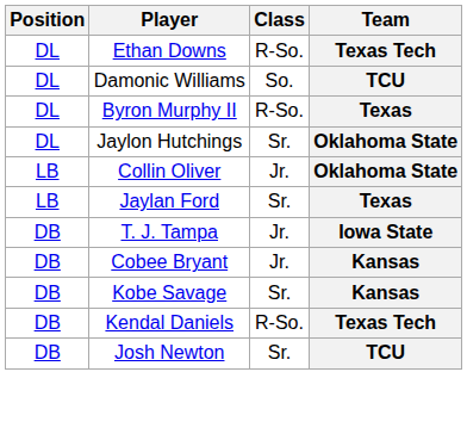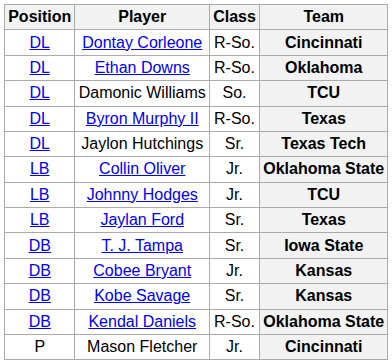 <table class="wikitable sortable" border="1">
 <tr>
 <th>Position</th>
 <th>Player</th>
 <th>Class</th>
 <th>Team</th>
 </tr>
 <tr>
 <td style="text-align:center; background:white"><a href='#'>DL</a></td>
+<td style="text-align:center; background:white"><a href='#'>Dontay Corleone</a></td>
+<td style="text-align:center; background:white">R-So.</td>
+<th>Cincinnati</th>
+</tr>
+<tr>
+<td style="text-align:center; background:white"><a href='#'>DL</a></td>
 <td style="text-align:center; background:white"><a href='#'>Ethan Downs</a></td>
 <td style="text-align:center; background:white">R-So.</td>
-<th>Texas Tech</th>
+<th>Oklahoma</th>
 </tr>
 <tr>
 <td style="text-align:center; background:white"><a href='#'>DL</a></td>
 <td style="text-align:center; background:white">Damonic Williams</td>
 <td style="text-align:center; background:white">So.</td>
 <th>TCU</th>
 </tr>
 <tr>
 <td style="text-align:center; background:white"><a href='#'>DL</a></td>
 <td style="text-align:center; background:white"><a href='#'>Byron Murphy II</a></td>
 <td style="text-align:center; background:white">R-So.</td>
 <th>Texas</th>
 </tr>
 <tr>
 <td style="text-align:center; background:white"><a href='#'>DL</a></td>
 <td style="text-align:center; background:white">Jaylon Hutchings</td>
 <td style="text-align:center; background:white">Sr.</td>
-<th>Oklahoma State</th>
+<th>Texas Tech</th>
 </tr>
 <tr>
 <td style="text-align:center; background:white"><a href='#'>LB</a></td>
 <td style="text-align:center; background:white"><a href='#'>Collin Oliver</a></td>
 <td style="text-align:center; background:white">Jr.</td>
 <th>Oklahoma State</th>
+</tr>
+<tr>
+<td style="text-align:center; background:white"><a href='#'>LB</a></td>
+<td style="text-align:center; background:white"><a href='#'>Johnny Hodges</a></td>
+<td style="text-align:center; background:white">Jr.</td>
+<th>TCU</th>
 </tr>
 <tr>
 <td style="text-align:center; background:white"><a href='#'>LB</a></td>
 <td style="text-align:center; background:white"><a href='#'>Jaylan Ford</a></td>
 <td style="text-align:center; background:white">Sr.</td>
 <th>Texas</th>
 </tr>
 <tr>
 <td style="text-align:center; background:white"><a href='#'>DB</a></td>
 <td style="text-align:center; background:white"><a href='#'>T. J. Tampa</a></td>
-<td style="text-align:center; background:white">Jr.</td>
+<td style="text-align:center; background:white">Sr.</td>
 <th>Iowa State</th>
 </tr>
 <tr>
 <td style="text-align:center; background:white"><a href='#'>DB</a></td>
 <td style="text-align:center; background:white"><a href='#'>Cobee Bryant</a></td>
 <td style="text-align:center; background:white">Jr.</td>
 <th>Kansas</th>
 </tr>
 <tr>
 <td style="text-align:center; background:white"><a href='#'>DB</a></td>
 <td style="text-align:center; background:white"><a href='#'>Kobe Savage</a></td>
 <td style="text-align:center; background:white">Sr.</td>
 <th>Kansas</th>
 </tr>
 <tr>
 <td style="text-align:center; background:white"><a href='#'>DB</a></td>
 <td style="text-align:center; background:white"><a href='#'>Kendal Daniels</a></td>
 <td style="text-align:center; background:white">R-So.</td>
-<th>Texas Tech</th>
+<th>Oklahoma State</th>
 </tr>
 <tr>
-<td style="text-align:center; background:white"><a href='#'>DB</a></td>
-<td style="text-align:center; background:white"><a href='#'>Josh Newton</a></td>
-<td style="text-align:center; background:white">Sr.</td>
-<th>TCU</th>
+<td style="text-align:center; background:white">P</td>
+<td style="text-align:center; background:white">Mason Fletcher</td>
+<td style="text-align:center; background:white">Jr.</td>
+<th>Cincinnati</th>
 </tr>
 </table>
